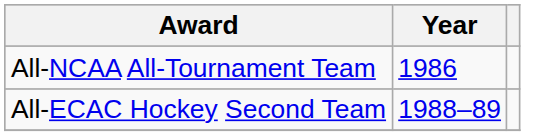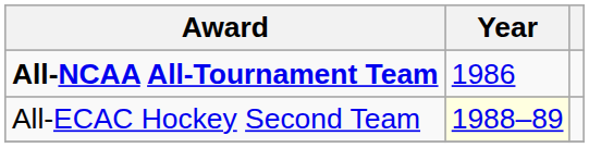 <table class="wikitable">
 <tr>
 <th>Award</th>
 <th>Year</th>
 <th></th>
 </tr>
 <tr>
-<td>All-<a href='#'>NCAA</a> <a href='#'>All-Tournament Team</a></td>
+<td><strong>All-<a href='#'>NCAA</a> <a href='#'>All-Tournament Team</a></strong></td>
 <td><a href='#'>1986</a></td>
 <td></td>
 </tr>
 <tr>
 <td>All-<a href='#'>ECAC Hockey</a> <a href='#'>Second Team</a></td>
-<td><a href='#'>1988–89</a></td>
+<td style="background: lightyellow;"><a href='#'>1988–89</a></td>
 <td></td>
 </tr>
 <tr>
 </tr>
 </table>
